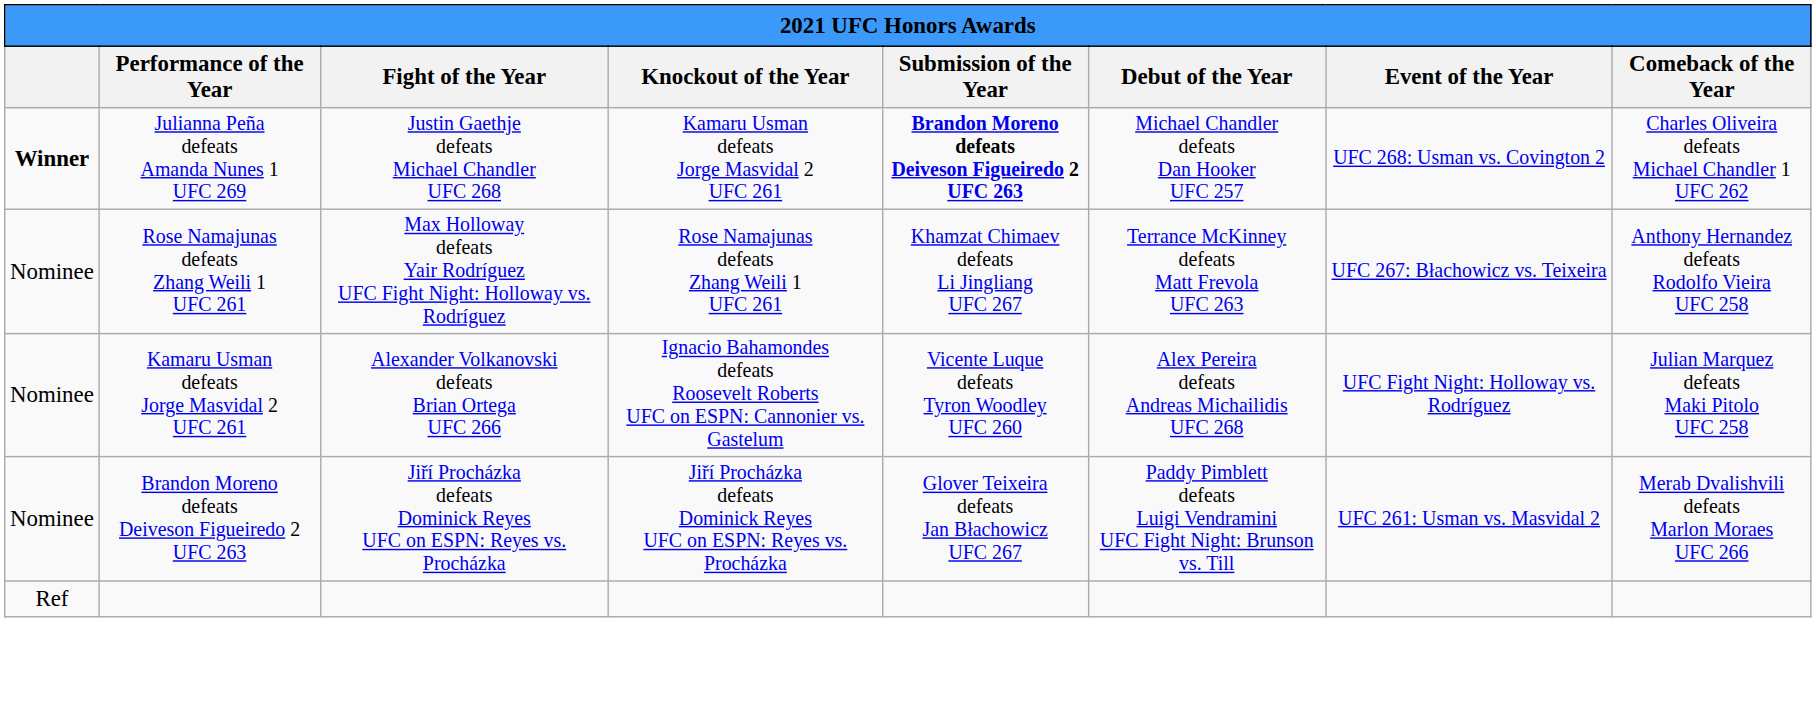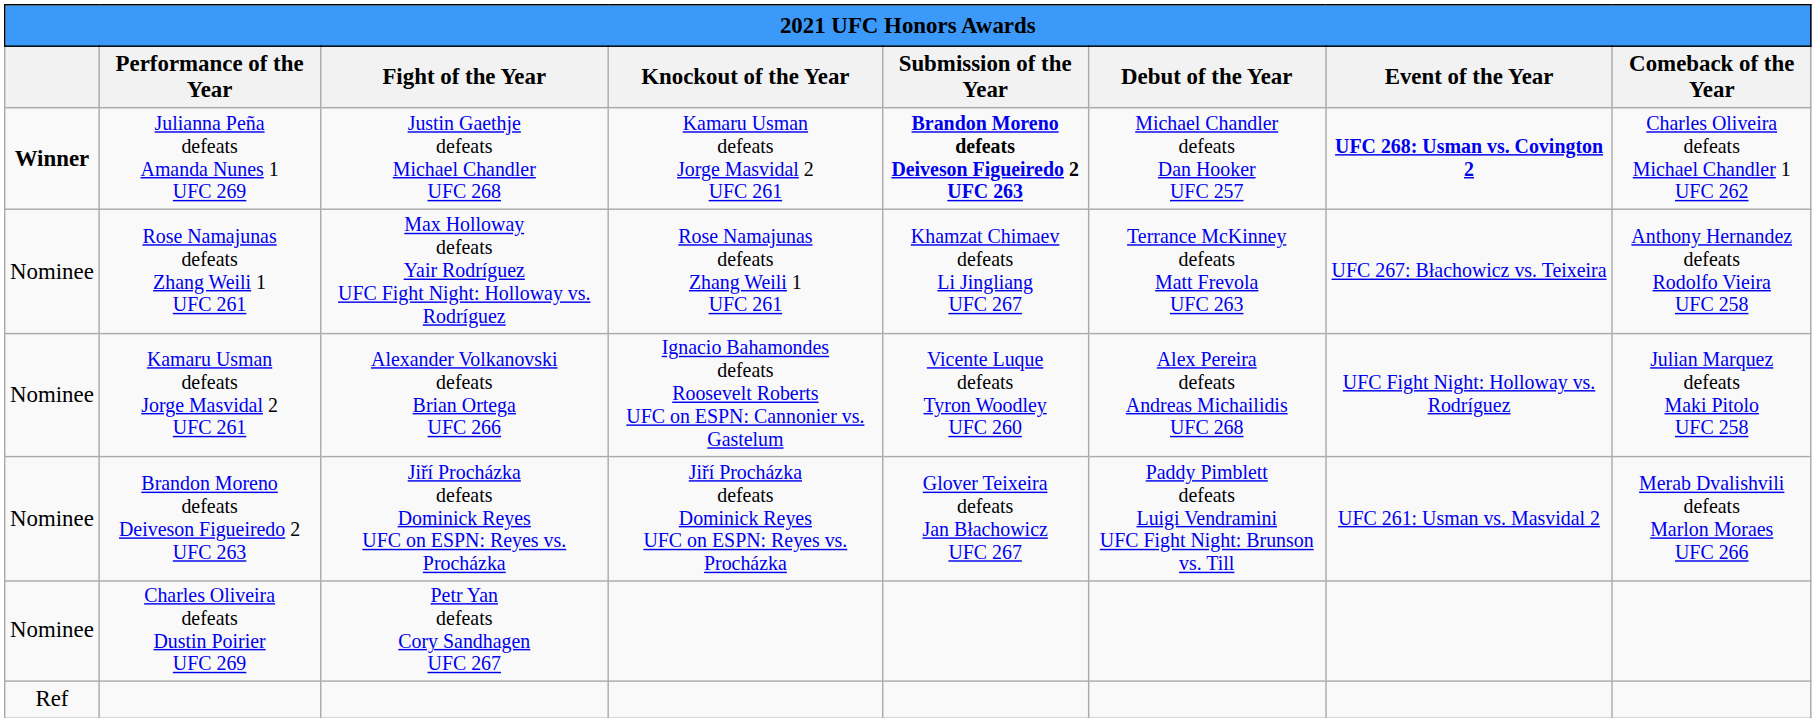 <table class="wikitable" width="100%" style="text-align:Center">
 <tr>
 <th colspan="8" style="border: 1px solid black; padding: 5px; background: #3B99FA;">2021 UFC Honors Awards</th>
 </tr>
 <tr>
 <th></th>
 <th>Performance of the Year</th>
 <th>Fight of the Year</th>
 <th>Knockout of the Year</th>
 <th>Submission of the Year</th>
 <th>Debut of the Year</th>
 <th>Event of the Year</th>
 <th>Comeback of the Year</th>
 </tr>
 <tr>
 <td><strong>Winner</strong></td>
 <td style="font-size:87%"><a href='#'>Julianna Peña</a> <br> defeats <br> <a href='#'>Amanda Nunes</a> 1 <br> <a href='#'>UFC 269</a></td>
 <td style="font-size:87%"><a href='#'>Justin Gaethje</a> <br> defeats <br> <a href='#'>Michael Chandler</a> <br> <a href='#'>UFC 268</a></td>
 <td style="font-size:87%"><a href='#'>Kamaru Usman</a> <br> defeats <br> <a href='#'>Jorge Masvidal</a> 2 <br> <a href='#'>UFC 261</a></td>
 <td style="font-size:87%"><strong><a href='#'>Brandon Moreno</a> <br> defeats <br> <a href='#'>Deiveson Figueiredo</a> 2 <br> <a href='#'>UFC 263</a></strong></td>
 <td style="font-size:87%"><a href='#'>Michael Chandler</a> <br> defeats <br> <a href='#'>Dan Hooker</a> <br> <a href='#'>UFC 257</a></td>
-<td style="font-size:87%"><a href='#'>UFC 268: Usman vs. Covington 2</a></td>
+<td style="font-size:87%"><strong><a href='#'>UFC 268: Usman vs. Covington 2</a></strong></td>
 <td style="font-size:87%"><a href='#'>Charles Oliveira</a> <br> defeats <br> <a href='#'>Michael Chandler</a> 1<br> <a href='#'>UFC 262</a></td>
 </tr>
 <tr>
 <td>Nominee</td>
 <td style="font-size:87%"><a href='#'>Rose Namajunas</a> <br> defeats <br> <a href='#'>Zhang Weili</a> 1 <br> <a href='#'>UFC 261</a></td>
 <td style="font-size:87%"><a href='#'>Max Holloway</a> <br> defeats <br> <a href='#'>Yair Rodríguez</a> <br> <a href='#'>UFC Fight Night: Holloway vs. Rodríguez</a></td>
 <td style="font-size:87%"><a href='#'>Rose Namajunas</a> <br> defeats <br> <a href='#'>Zhang Weili</a> 1 <br> <a href='#'>UFC 261</a></td>
 <td style="font-size:87%"><a href='#'>Khamzat Chimaev</a> <br> defeats <br> <a href='#'>Li Jingliang</a> <br> <a href='#'>UFC 267</a></td>
 <td style="font-size:87%"><a href='#'>Terrance McKinney</a> <br> defeats <br> <a href='#'>Matt Frevola</a> <br> <a href='#'>UFC 263</a></td>
 <td style="font-size:87%"><a href='#'>UFC 267: Błachowicz vs. Teixeira</a></td>
 <td style="font-size:87%"><a href='#'>Anthony Hernandez</a> <br> defeats <br> <a href='#'>Rodolfo Vieira</a> <br> <a href='#'>UFC 258</a></td>
 </tr>
 <tr>
 <td>Nominee</td>
 <td style="font-size:87%"><a href='#'>Kamaru Usman</a> <br> defeats <br> <a href='#'>Jorge Masvidal</a> 2 <br> <a href='#'>UFC 261</a></td>
 <td style="font-size:87%"><a href='#'>Alexander Volkanovski</a> <br> defeats <br> <a href='#'>Brian Ortega</a> <br> <a href='#'>UFC 266</a></td>
 <td style="font-size:87%"><a href='#'>Ignacio Bahamondes</a> <br> defeats <br> <a href='#'>Roosevelt Roberts</a> <br> <a href='#'>UFC on ESPN: Cannonier vs. Gastelum</a></td>
 <td style="font-size:87%"><a href='#'>Vicente Luque</a> <br> defeats <br> <a href='#'>Tyron Woodley</a> <br> <a href='#'>UFC 260</a></td>
 <td style="font-size:87%"><a href='#'>Alex Pereira</a> <br> defeats <br> <a href='#'>Andreas Michailidis</a> <br> <a href='#'>UFC 268</a></td>
 <td style="font-size:87%"><a href='#'>UFC Fight Night: Holloway vs. Rodríguez</a></td>
 <td style="font-size:87%"><a href='#'>Julian Marquez</a> <br> defeats <br> <a href='#'>Maki Pitolo</a> <br> <a href='#'>UFC 258</a></td>
 </tr>
 <tr>
 <td>Nominee</td>
 <td style="font-size:87%"><a href='#'>Brandon Moreno</a> <br> defeats <br> <a href='#'>Deiveson Figueiredo</a> 2 <br> <a href='#'>UFC 263</a></td>
 <td style="font-size:87%"><a href='#'>Jiří Procházka</a> <br> defeats <br> <a href='#'>Dominick Reyes</a> <br> <a href='#'>UFC on ESPN: Reyes vs. Procházka</a></td>
 <td style="font-size:87%"><a href='#'>Jiří Procházka</a> <br> defeats <br> <a href='#'>Dominick Reyes</a> <br> <a href='#'>UFC on ESPN: Reyes vs. Procházka</a></td>
 <td style="font-size:87%"><a href='#'>Glover Teixeira</a> <br> defeats <br> <a href='#'>Jan Błachowicz</a> <br> <a href='#'>UFC 267</a></td>
 <td style="font-size:87%"><a href='#'>Paddy Pimblett</a> <br> defeats <br> <a href='#'>Luigi Vendramini</a> <br> <a href='#'>UFC Fight Night: Brunson vs. Till</a></td>
 <td style="font-size:87%"><a href='#'>UFC 261: Usman vs. Masvidal 2</a></td>
 <td style="font-size:87%"><a href='#'>Merab Dvalishvili</a> <br> defeats <br> <a href='#'>Marlon Moraes</a> <br> <a href='#'>UFC 266</a></td>
 </tr>
 <tr>
+<td>Nominee</td>
+<td style="font-size:87%"><a href='#'>Charles Oliveira</a> <br> defeats <br> <a href='#'>Dustin Poirier</a> <br> <a href='#'>UFC 269</a></td>
+<td style="font-size:87%"><a href='#'>Petr Yan</a> <br> defeats <br> <a href='#'>Cory Sandhagen</a> <br> <a href='#'>UFC 267</a></td>
+<td></td>
+<td></td>
+<td></td>
+<td></td>
+<td></td>
+</tr>
+<tr>
 <td>Ref</td>
 <td></td>
 <td></td>
 <td></td>
 <td></td>
 <td></td>
 <td></td>
 <td></td>
 </tr>
 </table>
